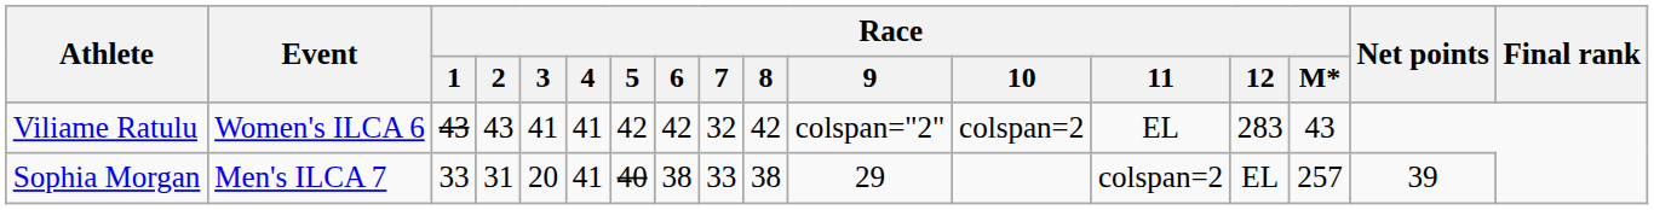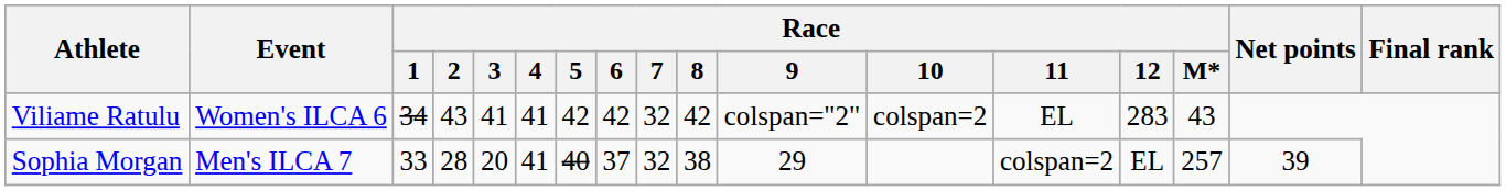 <table class="wikitable" style="font-size:90%">
 <tr>
 <th rowspan="2">Athlete</th>
 <th rowspan="2">Event</th>
 <th colspan=13>Race</th>
 <th rowspan=2>Net points</th>
 <th rowspan=2>Final rank</th>
 </tr>
 <tr style="font-size:95%">
 <th>1</th>
 <th>2</th>
 <th>3</th>
 <th>4</th>
 <th>5</th>
 <th>6</th>
 <th>7</th>
 <th>8</th>
 <th>9</th>
 <th>10</th>
 <th>11</th>
 <th>12</th>
 <th>M*</th>
 </tr>
 <tr align=center>
 <td align=left><a href='#'>Viliame Ratulu</a></td>
 <td align=left><a href='#'>Women's ILCA 6</a></td>
-<td><s>43</s></td>
+<td><s>34</s></td>
 <td>43</td>
 <td>41</td>
 <td>41</td>
 <td>42</td>
 <td>42</td>
 <td>32</td>
 <td>42</td>
 <td>colspan="2" </td>
 <td>colspan=2 </td>
 <td>EL</td>
 <td>283</td>
 <td>43</td>
 </tr>
 <tr align=center>
 <td align=left><a href='#'>Sophia Morgan</a></td>
 <td align=left><a href='#'>Men's ILCA 7</a></td>
 <td>33</td>
-<td>31</td>
+<td>28</td>
 <td>20</td>
 <td>41</td>
 <td><s>40</s></td>
-<td>38</td>
-<td>33</td>
+<td>37</td>
+<td>32</td>
 <td>38</td>
 <td>29</td>
 <td></td>
 <td>colspan=2 </td>
 <td>EL</td>
 <td>257</td>
 <td>39</td>
 </tr>
 </table>
